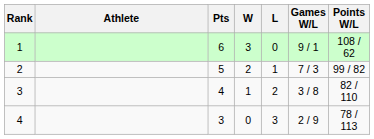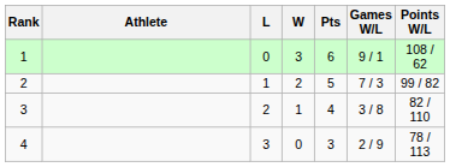 <table class="wikitable" style="text-align: center; font-size:90% ">
 <tr>
 <th width="20">Rank</th>
 <th width="230">Athlete</th>
+<th width="30">L</th>
+<th width="30">W</th>
 <th width="30">Pts</th>
-<th width="30">W</th>
-<th width="30">L</th>
 <th width="40">Games<br>W/L</th>
 <th width="50">Points<br>W/L</th>
 </tr>
 <tr bgcolor=#ccffcc>
 <td>1</td>
 <td align=left></td>
+<td>0</td>
+<td>3</td>
 <td>6</td>
-<td>3</td>
-<td>0</td>
 <td>9 / 1</td>
 <td>108 / 62</td>
 </tr>
 <tr>
 <td>2</td>
 <td align=left></td>
+<td>1</td>
+<td>2</td>
 <td>5</td>
-<td>2</td>
-<td>1</td>
 <td>7 / 3</td>
 <td>99 / 82</td>
 </tr>
 <tr>
 <td>3</td>
 <td align=left></td>
+<td>2</td>
+<td>1</td>
 <td>4</td>
-<td>1</td>
-<td>2</td>
 <td>3 / 8</td>
 <td>82 / 110</td>
 </tr>
 <tr>
 <td>4</td>
 <td align=left></td>
 <td>3</td>
 <td>0</td>
 <td>3</td>
 <td>2 / 9</td>
 <td>78 / 113</td>
 </tr>
 </table>
